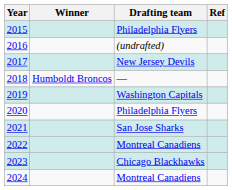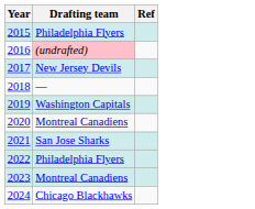 <table class="wikitable sortable">
 <tr>
 <th style="background: ">Year</th>
-<th style="background: ">Winner</th>
 <th style="background: ">Drafting team</th>
 <th style="background: ">Ref</th>
 </tr>
 <tr bgcolor="CFECEC">
 <td><a href='#'>2015</a></td>
-<td></td>
 <td><a href='#'>Philadelphia Flyers</a></td>
 <td></td>
 </tr>
 <tr>
 <td><a href='#'>2016</a></td>
-<td></td>
-<td><em>(undrafted)</em></td>
+<td style="background: pink;"><em>(undrafted)</em></td>
 <td></td>
 </tr>
 <tr bgcolor="CFECEC">
 <td><a href='#'>2017</a></td>
-<td></td>
 <td><a href='#'>New Jersey Devils</a></td>
 <td></td>
 </tr>
 <tr>
 <td><a href='#'>2018</a></td>
-<td><a href='#'>Humboldt Broncos</a></td>
 <td>—</td>
 <td></td>
 </tr>
 <tr bgcolor="CFECEC">
 <td><a href='#'>2019</a></td>
-<td></td>
 <td><a href='#'>Washington Capitals</a></td>
 <td></td>
 </tr>
 <tr>
 <td><a href='#'>2020</a></td>
-<td></td>
-<td><a href='#'>Philadelphia Flyers</a></td>
+<td><a href='#'>Montreal Canadiens</a></td>
 <td></td>
 </tr>
 <tr bgcolor="CFECEC">
 <td><a href='#'>2021</a></td>
-<td></td>
 <td><a href='#'>San Jose Sharks</a></td>
 <td></td>
 </tr>
 <tr bgcolor="CFECEC">
 <td><a href='#'>2022</a></td>
-<td></td>
-<td><a href='#'>Montreal Canadiens</a></td>
+<td><a href='#'>Philadelphia Flyers</a></td>
 <td></td>
 </tr>
 <tr bgcolor="CFECEC">
 <td><a href='#'>2023</a></td>
-<td></td>
-<td><a href='#'>Chicago Blackhawks</a></td>
+<td><a href='#'>Montreal Canadiens</a></td>
 <td></td>
 </tr>
 <tr>
 <td><a href='#'>2024</a></td>
-<td></td>
-<td><a href='#'>Montreal Canadiens</a></td>
+<td><a href='#'>Chicago Blackhawks</a></td>
 <td></td>
 </tr>
 </table>
